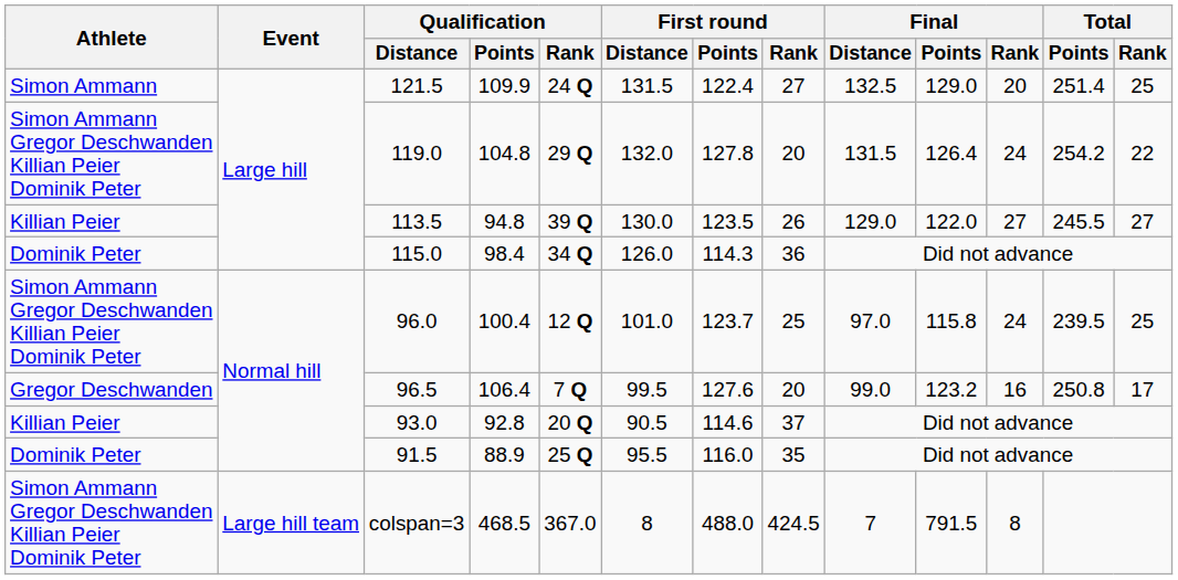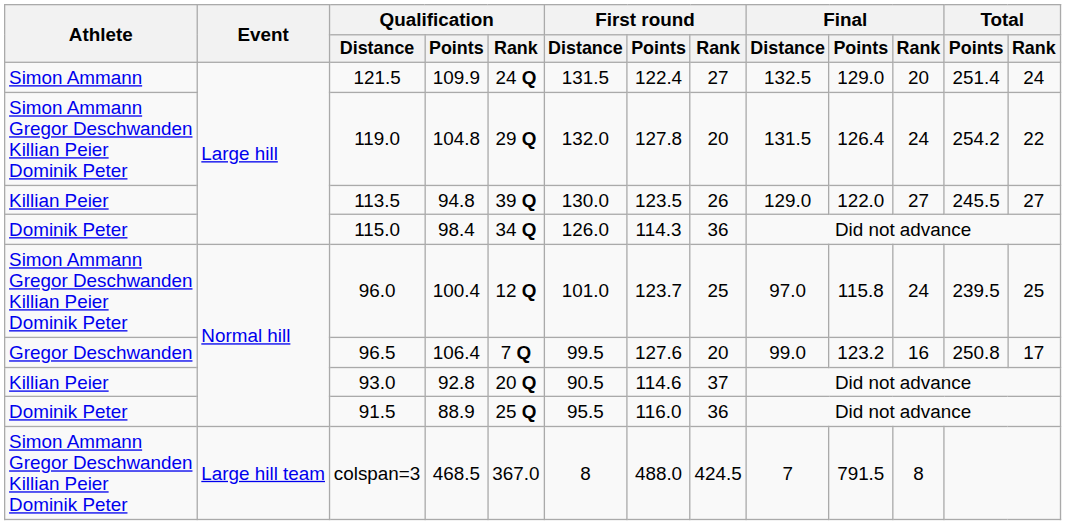 <table class=wikitable style=font-size:90%;text-align:center>
 <tr>
 <th rowspan=2>Athlete</th>
 <th rowspan=2>Event</th>
 <th colspan=3>Qualification</th>
 <th colspan=3>First round</th>
 <th colspan=3>Final</th>
 <th colspan=2>Total</th>
 </tr>
 <tr style=font-size:95%>
 <th>Distance</th>
 <th>Points</th>
 <th>Rank</th>
 <th>Distance</th>
 <th>Points</th>
 <th>Rank</th>
 <th>Distance</th>
 <th>Points</th>
 <th>Rank</th>
 <th>Points</th>
 <th>Rank</th>
 </tr>
 <tr>
 <td align=left><a href='#'>Simon Ammann</a></td>
 <td align=left rowspan=4><a href='#'>Large hill</a></td>
 <td>121.5</td>
 <td>109.9</td>
 <td>24 <strong>Q</strong></td>
 <td>131.5</td>
 <td>122.4</td>
 <td>27</td>
 <td>132.5</td>
 <td>129.0</td>
 <td>20</td>
 <td>251.4</td>
-<td>25</td>
+<td>24</td>
 </tr>
 <tr>
 <td align=left><a href='#'>Simon Ammann</a><br><a href='#'>Gregor Deschwanden</a><br><a href='#'>Killian Peier</a><br><a href='#'>Dominik Peter</a></td>
 <td>119.0</td>
 <td>104.8</td>
 <td>29 <strong>Q</strong></td>
 <td>132.0</td>
 <td>127.8</td>
 <td>20</td>
 <td>131.5</td>
 <td>126.4</td>
 <td>24</td>
 <td>254.2</td>
 <td>22</td>
 </tr>
 <tr>
 <td align=left><a href='#'>Killian Peier</a></td>
 <td>113.5</td>
 <td>94.8</td>
 <td>39 <strong>Q</strong></td>
 <td>130.0</td>
 <td>123.5</td>
 <td>26</td>
 <td>129.0</td>
 <td>122.0</td>
 <td>27</td>
 <td>245.5</td>
 <td>27</td>
 </tr>
 <tr>
 <td align=left><a href='#'>Dominik Peter</a></td>
 <td>115.0</td>
 <td>98.4</td>
 <td>34 <strong>Q</strong></td>
 <td>126.0</td>
 <td>114.3</td>
 <td>36</td>
 <td colspan="5">Did not advance</td>
 </tr>
 <tr>
 <td align=left><a href='#'>Simon Ammann</a><br><a href='#'>Gregor Deschwanden</a><br><a href='#'>Killian Peier</a><br><a href='#'>Dominik Peter</a></td>
 <td align=left rowspan=4><a href='#'>Normal hill</a></td>
 <td>96.0</td>
 <td>100.4</td>
 <td>12 <strong>Q</strong></td>
 <td>101.0</td>
 <td>123.7</td>
 <td>25</td>
 <td>97.0</td>
 <td>115.8</td>
 <td>24</td>
 <td>239.5</td>
 <td>25</td>
 </tr>
 <tr>
 <td align=left><a href='#'>Gregor Deschwanden</a></td>
 <td>96.5</td>
 <td>106.4</td>
 <td>7 <strong>Q</strong></td>
 <td>99.5</td>
 <td>127.6</td>
 <td>20</td>
 <td>99.0</td>
 <td>123.2</td>
 <td>16</td>
 <td>250.8</td>
 <td>17</td>
 </tr>
 <tr>
 <td align=left><a href='#'>Killian Peier</a></td>
 <td>93.0</td>
 <td>92.8</td>
 <td>20 <strong>Q</strong></td>
 <td>90.5</td>
 <td>114.6</td>
 <td>37</td>
 <td colspan="5">Did not advance</td>
 </tr>
 <tr>
 <td align=left><a href='#'>Dominik Peter</a></td>
 <td>91.5</td>
 <td>88.9</td>
 <td>25 <strong>Q</strong></td>
 <td>95.5</td>
 <td>116.0</td>
-<td>35</td>
+<td>36</td>
 <td colspan="5">Did not advance</td>
 </tr>
 <tr align=center>
 <td align=left><a href='#'>Simon Ammann</a><br><a href='#'>Gregor Deschwanden</a><br><a href='#'>Killian Peier</a><br><a href='#'>Dominik Peter</a></td>
 <td align=left><a href='#'>Large hill team</a></td>
 <td>colspan=3 </td>
 <td>468.5</td>
 <td>367.0</td>
 <td>8</td>
 <td>488.0</td>
 <td>424.5</td>
 <td>7</td>
 <td>791.5</td>
 <td>8</td>
 </tr>
 </table>
